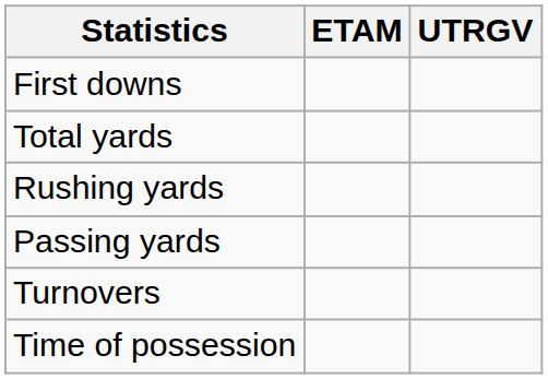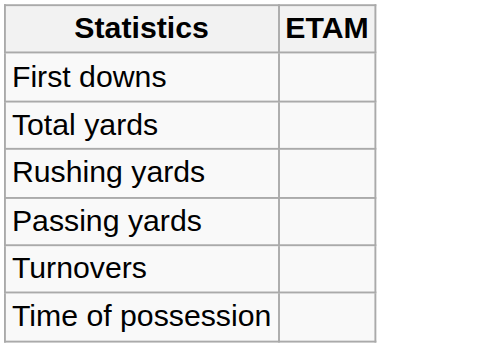 <table class="wikitable" style="float:left">
 <tr>
 <th>Statistics</th>
 <th>ETAM</th>
-<th>UTRGV</th>
 </tr>
 <tr>
 <td>First downs</td>
-<td></td>
 <td></td>
 </tr>
 <tr>
 <td>Total yards</td>
 <td></td>
-<td></td>
 </tr>
 <tr>
 <td>Rushing yards</td>
-<td></td>
 <td></td>
 </tr>
 <tr>
 <td>Passing yards</td>
 <td></td>
-<td></td>
 </tr>
 <tr>
 <td>Turnovers</td>
-<td></td>
 <td></td>
 </tr>
 <tr>
 <td>Time of possession</td>
 <td></td>
-<td></td>
 </tr>
 </table>
